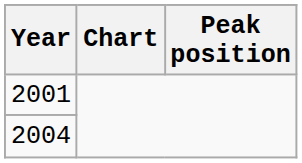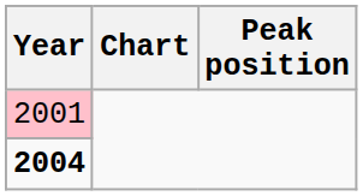 <table class="wikitable sortable plainrowheaders">
 <tr>
 <th scope="col">Year</th>
 <th scope="col">Chart</th>
 <th scope="col">Peak<br>position</th>
 </tr>
 <tr>
-<td>2001<br></td>
+<td style="background: pink;">2001<br></td>
 </tr>
 <tr>
-<td>2004<br></td>
+<td><strong>2004<br></strong></td>
 </tr>
 </table>
